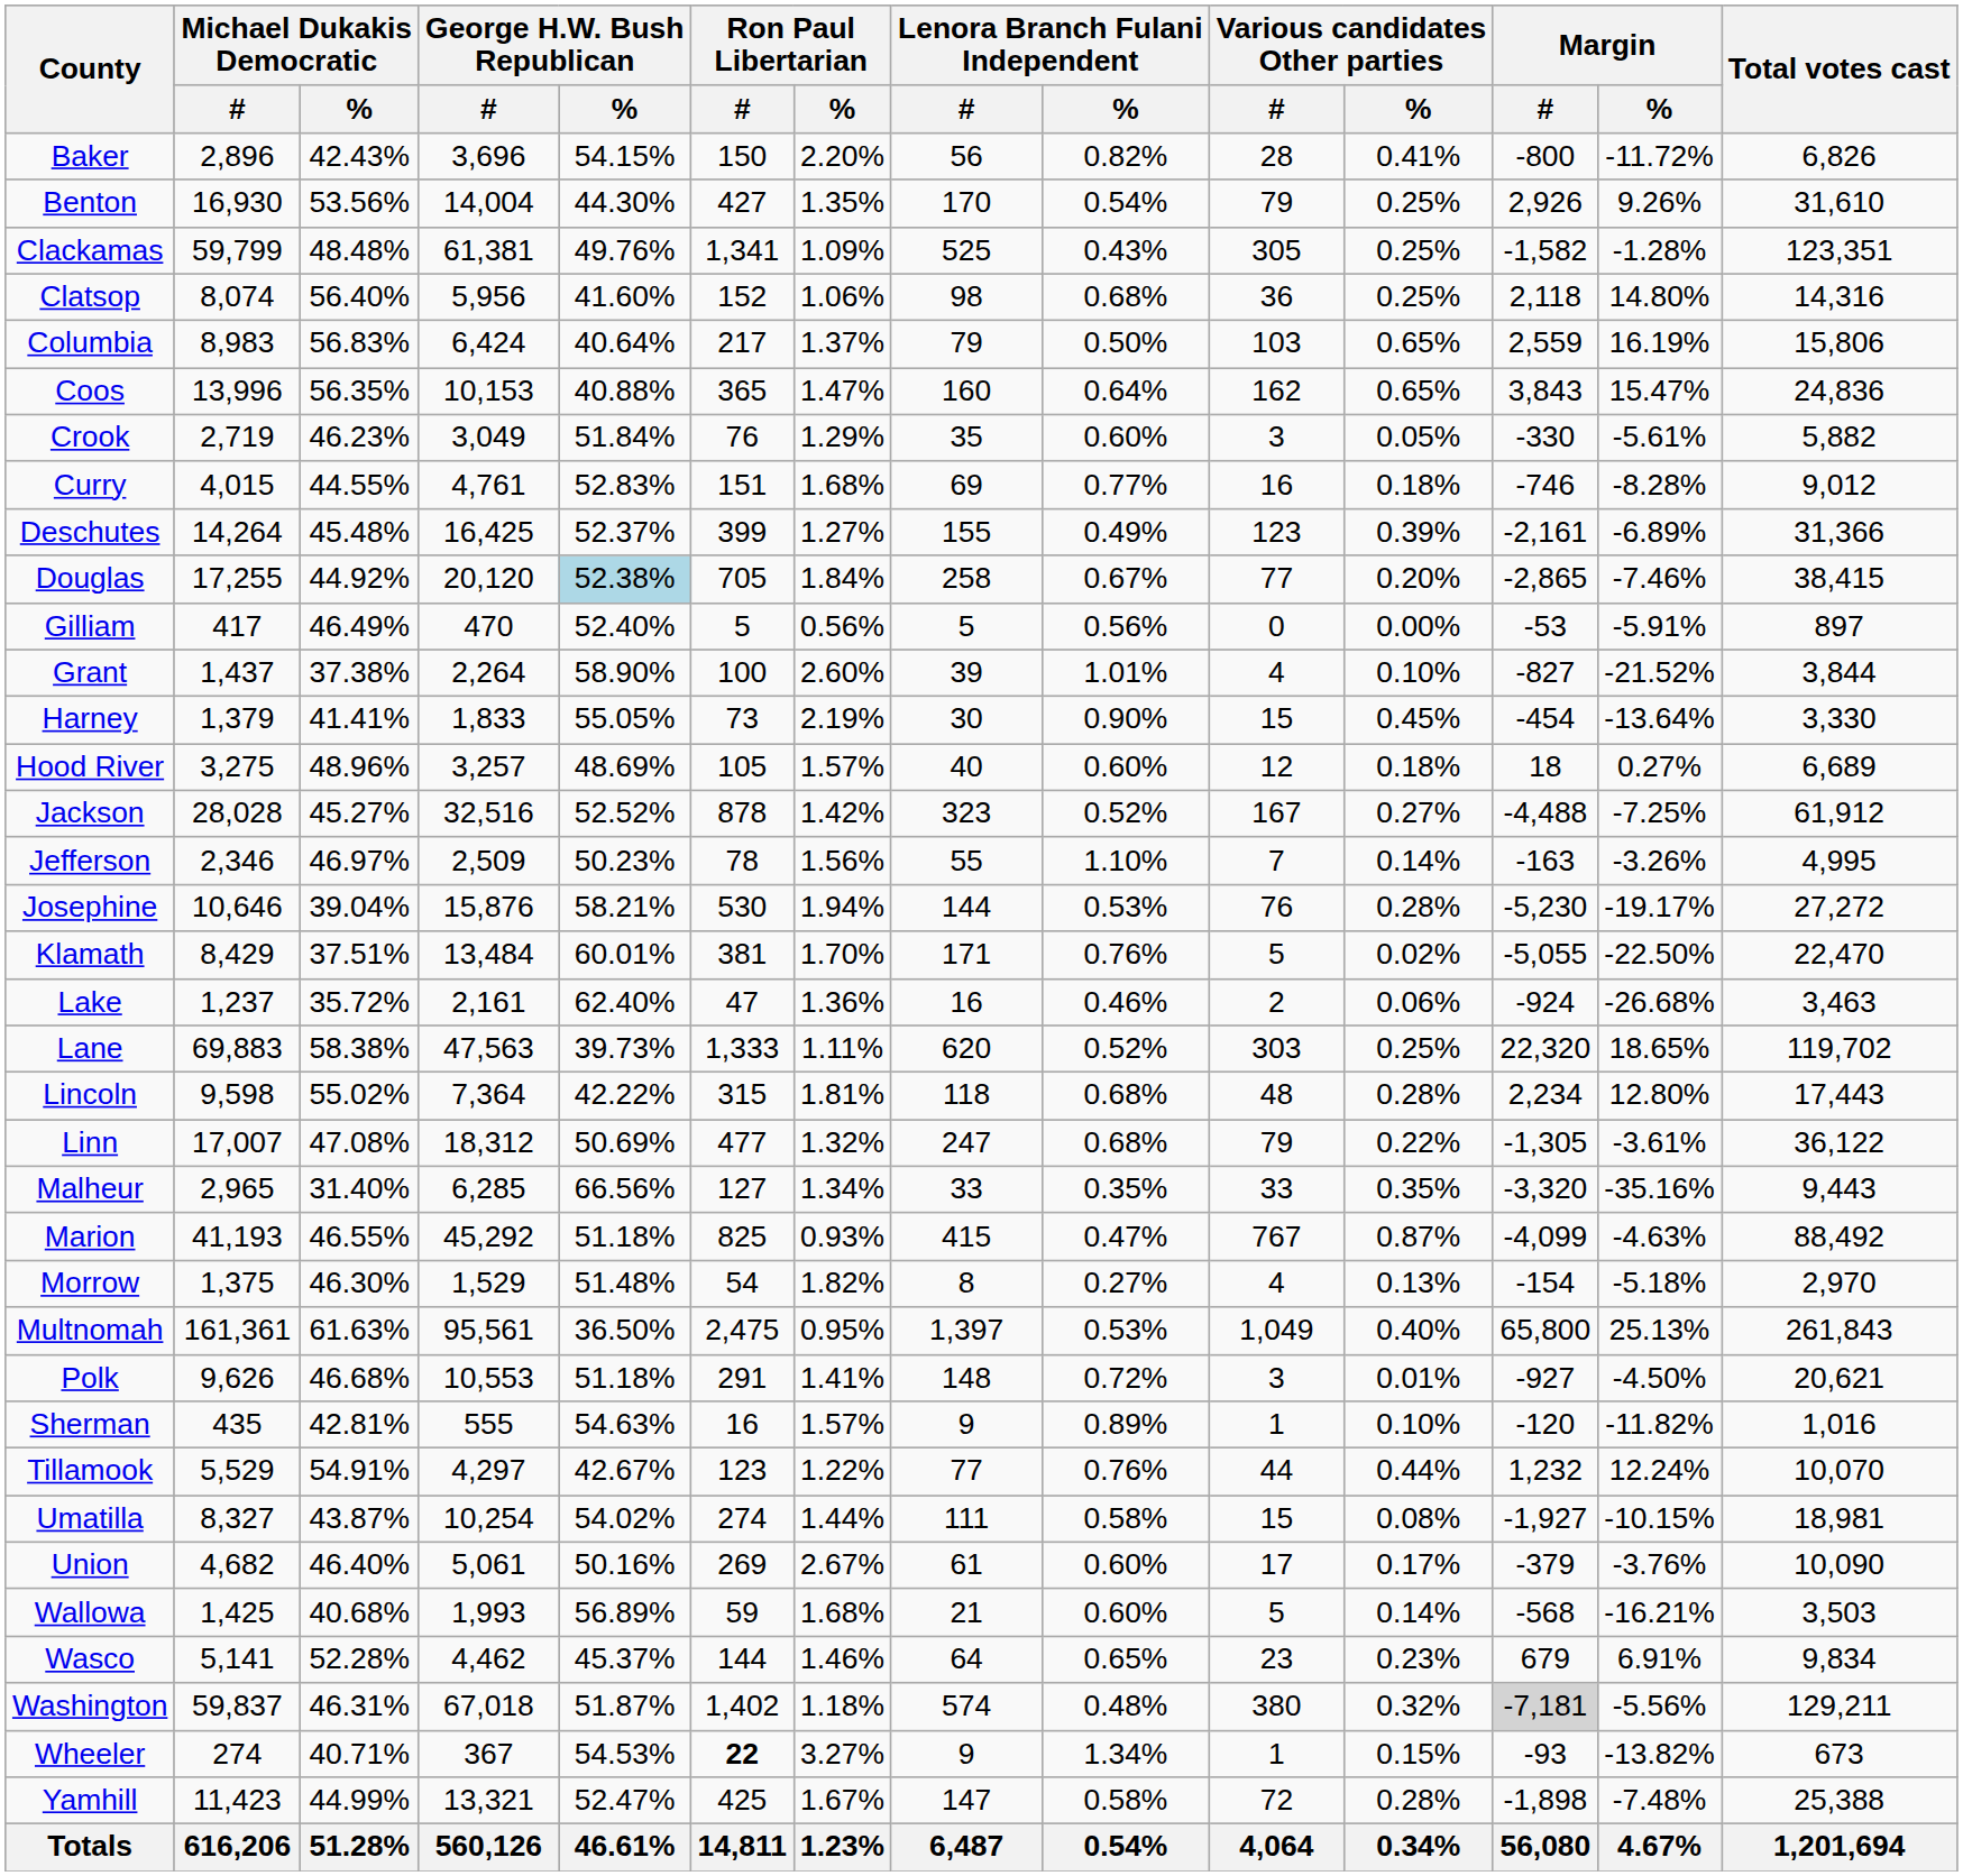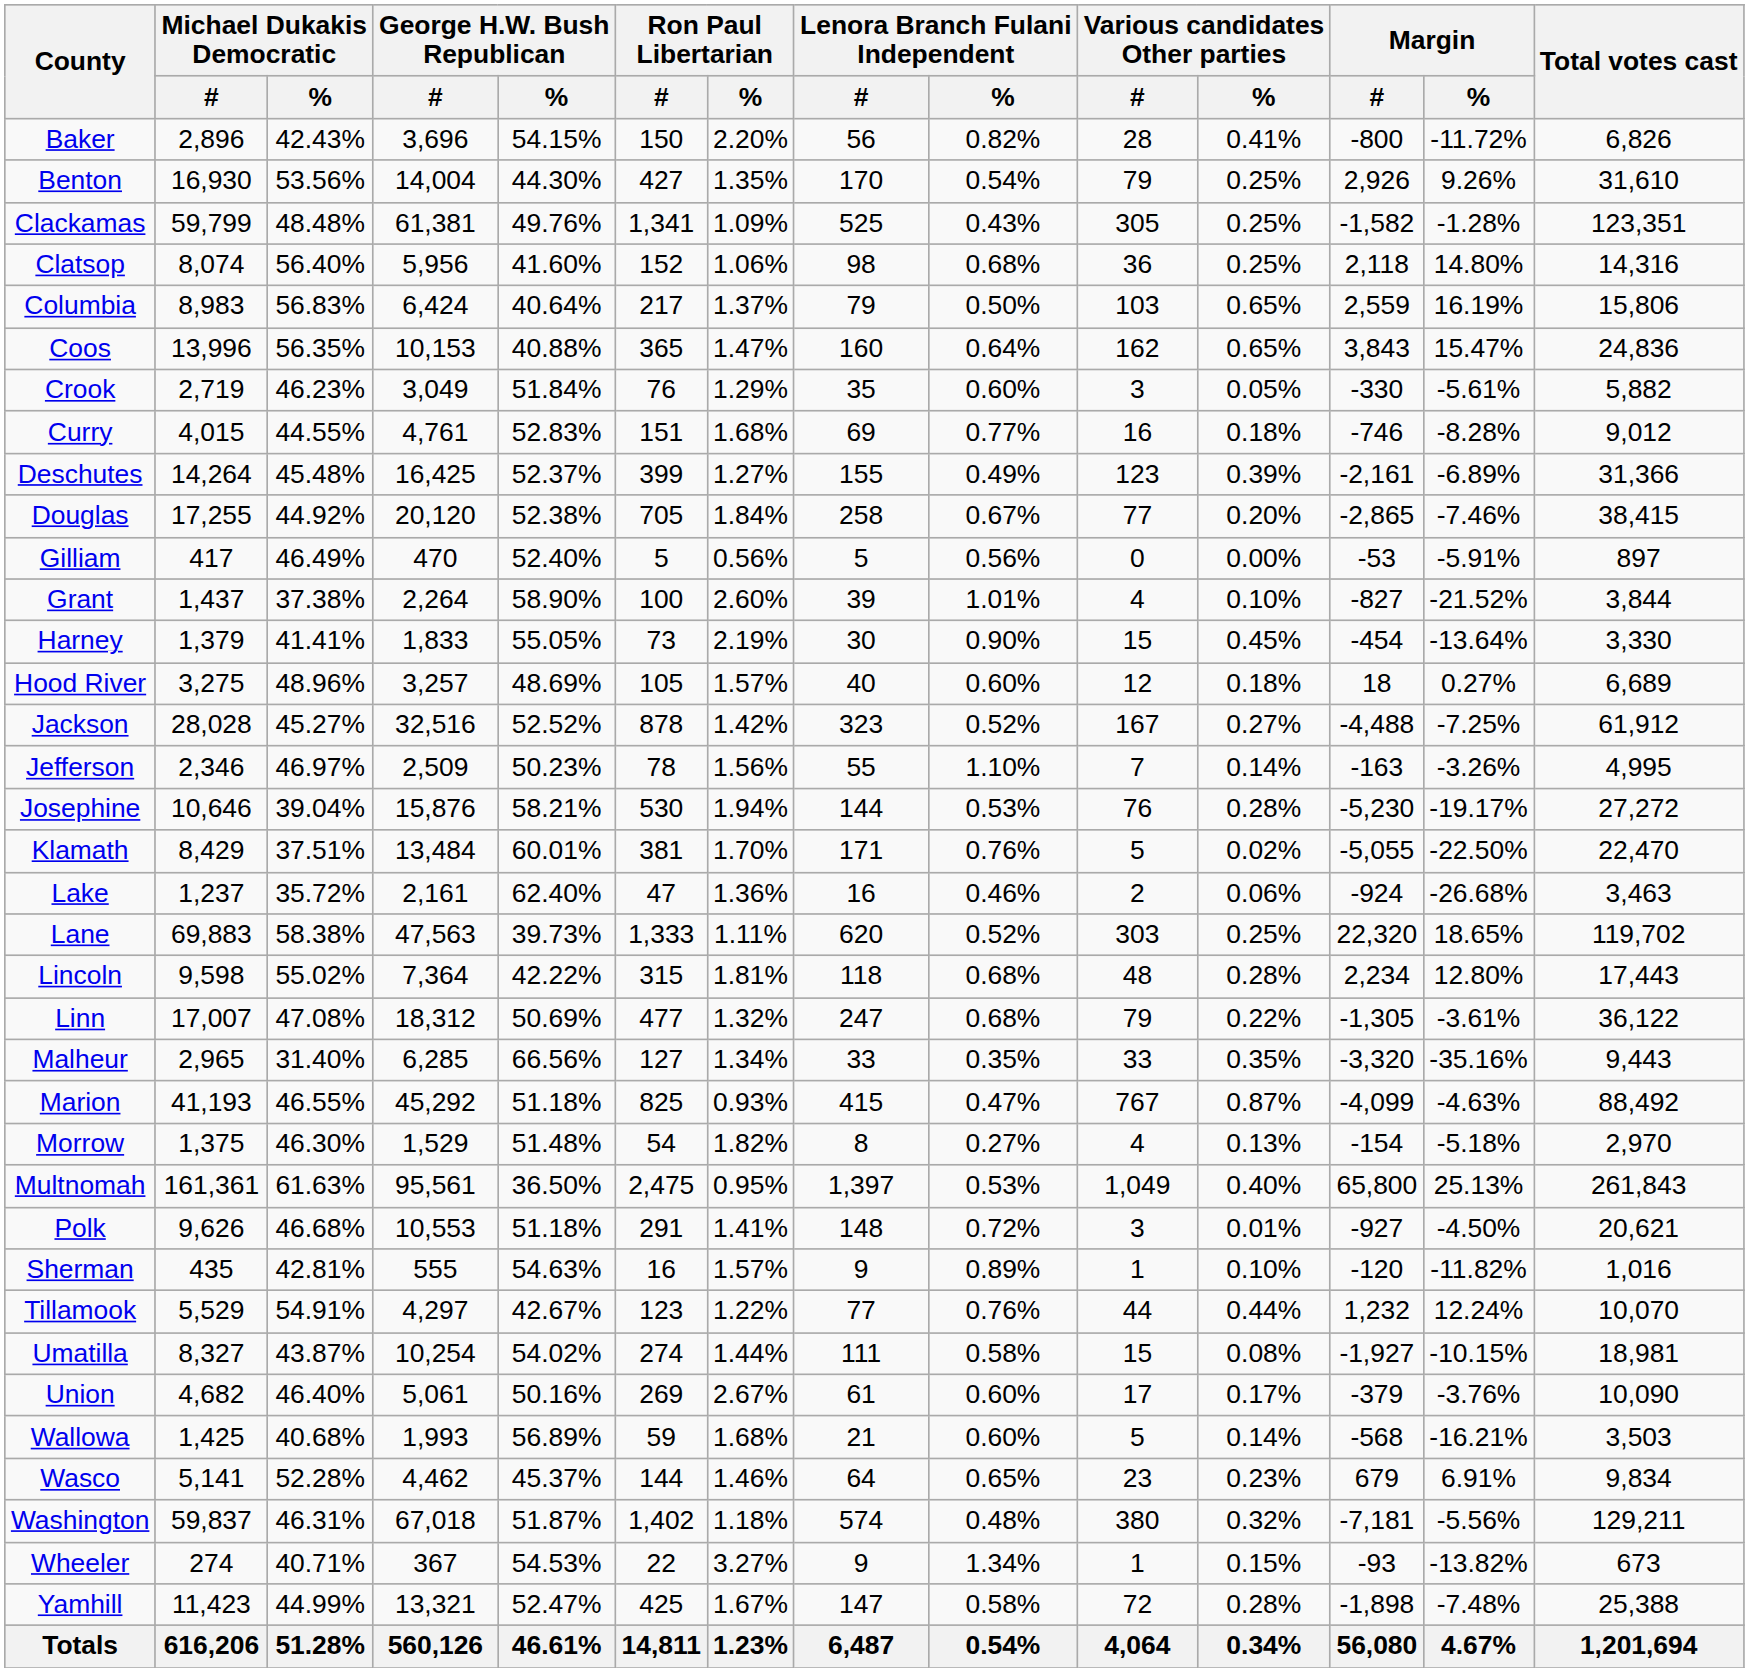 <table class="wikitable sortable" style="text-align:center">
 <tr>
 <th style="text-align:center;" rowspan="2">County</th>
 <th style="text-align:center;" colspan="2">Michael Dukakis<br>Democratic</th>
 <th style="text-align:center;" colspan="2">George H.W. Bush<br>Republican</th>
 <th style="text-align:center;" colspan="2">Ron Paul<br>Libertarian</th>
 <th style="text-align:center;" colspan="2">Lenora Branch Fulani<br>Independent</th>
 <th style="text-align:center;" colspan="2">Various candidates<br>Other parties</th>
 <th style="text-align:center;" colspan="2">Margin</th>
 <th style="text-align:center;" rowspan="2">Total votes cast</th>
 </tr>
 <tr>
 <th style="text-align:center;" data-sort-type="number">#</th>
 <th style="text-align:center;" data-sort-type="number">%</th>
 <th style="text-align:center;" data-sort-type="number">#</th>
 <th style="text-align:center;" data-sort-type="number">%</th>
 <th style="text-align:center;" data-sort-type="number">#</th>
 <th style="text-align:center;" data-sort-type="number">%</th>
 <th style="text-align:center;" data-sort-type="number">#</th>
 <th style="text-align:center;" data-sort-type="number">%</th>
 <th style="text-align:center;" data-sort-type="number">#</th>
 <th style="text-align:center;" data-sort-type="number">%</th>
 <th style="text-align:center;" data-sort-type="number">#</th>
 <th style="text-align:center;" data-sort-type="number">%</th>
 </tr>
 <tr style="text-align:center;">
 <td><a href='#'>Baker</a></td>
 <td>2,896</td>
 <td>42.43%</td>
 <td>3,696</td>
 <td>54.15%</td>
 <td>150</td>
 <td>2.20%</td>
 <td>56</td>
 <td>0.82%</td>
 <td>28</td>
 <td>0.41%</td>
 <td>-800</td>
 <td>-11.72%</td>
 <td>6,826</td>
 </tr>
 <tr style="text-align:center;">
 <td><a href='#'>Benton</a></td>
 <td>16,930</td>
 <td>53.56%</td>
 <td>14,004</td>
 <td>44.30%</td>
 <td>427</td>
 <td>1.35%</td>
 <td>170</td>
 <td>0.54%</td>
 <td>79</td>
 <td>0.25%</td>
 <td>2,926</td>
 <td>9.26%</td>
 <td>31,610</td>
 </tr>
 <tr style="text-align:center;">
 <td><a href='#'>Clackamas</a></td>
 <td>59,799</td>
 <td>48.48%</td>
 <td>61,381</td>
 <td>49.76%</td>
 <td>1,341</td>
 <td>1.09%</td>
 <td>525</td>
 <td>0.43%</td>
 <td>305</td>
 <td>0.25%</td>
 <td>-1,582</td>
 <td>-1.28%</td>
 <td>123,351</td>
 </tr>
 <tr style="text-align:center;">
 <td><a href='#'>Clatsop</a></td>
 <td>8,074</td>
 <td>56.40%</td>
 <td>5,956</td>
 <td>41.60%</td>
 <td>152</td>
 <td>1.06%</td>
 <td>98</td>
 <td>0.68%</td>
 <td>36</td>
 <td>0.25%</td>
 <td>2,118</td>
 <td>14.80%</td>
 <td>14,316</td>
 </tr>
 <tr style="text-align:center;">
 <td><a href='#'>Columbia</a></td>
 <td>8,983</td>
 <td>56.83%</td>
 <td>6,424</td>
 <td>40.64%</td>
 <td>217</td>
 <td>1.37%</td>
 <td>79</td>
 <td>0.50%</td>
 <td>103</td>
 <td>0.65%</td>
 <td>2,559</td>
 <td>16.19%</td>
 <td>15,806</td>
 </tr>
 <tr style="text-align:center;">
 <td><a href='#'>Coos</a></td>
 <td>13,996</td>
 <td>56.35%</td>
 <td>10,153</td>
 <td>40.88%</td>
 <td>365</td>
 <td>1.47%</td>
 <td>160</td>
 <td>0.64%</td>
 <td>162</td>
 <td>0.65%</td>
 <td>3,843</td>
 <td>15.47%</td>
 <td>24,836</td>
 </tr>
 <tr style="text-align:center;">
 <td><a href='#'>Crook</a></td>
 <td>2,719</td>
 <td>46.23%</td>
 <td>3,049</td>
 <td>51.84%</td>
 <td>76</td>
 <td>1.29%</td>
 <td>35</td>
 <td>0.60%</td>
 <td>3</td>
 <td>0.05%</td>
 <td>-330</td>
 <td>-5.61%</td>
 <td>5,882</td>
 </tr>
 <tr style="text-align:center;">
 <td><a href='#'>Curry</a></td>
 <td>4,015</td>
 <td>44.55%</td>
 <td>4,761</td>
 <td>52.83%</td>
 <td>151</td>
 <td>1.68%</td>
 <td>69</td>
 <td>0.77%</td>
 <td>16</td>
 <td>0.18%</td>
 <td>-746</td>
 <td>-8.28%</td>
 <td>9,012</td>
 </tr>
 <tr style="text-align:center;">
 <td><a href='#'>Deschutes</a></td>
 <td>14,264</td>
 <td>45.48%</td>
 <td>16,425</td>
 <td>52.37%</td>
 <td>399</td>
 <td>1.27%</td>
 <td>155</td>
 <td>0.49%</td>
 <td>123</td>
 <td>0.39%</td>
 <td>-2,161</td>
 <td>-6.89%</td>
 <td>31,366</td>
 </tr>
 <tr style="text-align:center;">
 <td><a href='#'>Douglas</a></td>
 <td>17,255</td>
 <td>44.92%</td>
 <td>20,120</td>
-<td style="background: lightblue;">52.38%</td>
+<td>52.38%</td>
 <td>705</td>
 <td>1.84%</td>
 <td>258</td>
 <td>0.67%</td>
 <td>77</td>
 <td>0.20%</td>
 <td>-2,865</td>
 <td>-7.46%</td>
 <td>38,415</td>
 </tr>
 <tr style="text-align:center;">
 <td><a href='#'>Gilliam</a></td>
 <td>417</td>
 <td>46.49%</td>
 <td>470</td>
 <td>52.40%</td>
 <td>5</td>
 <td>0.56%</td>
 <td>5</td>
 <td>0.56%</td>
 <td>0</td>
 <td>0.00%</td>
 <td>-53</td>
 <td>-5.91%</td>
 <td>897</td>
 </tr>
 <tr style="text-align:center;">
 <td><a href='#'>Grant</a></td>
 <td>1,437</td>
 <td>37.38%</td>
 <td>2,264</td>
 <td>58.90%</td>
 <td>100</td>
 <td>2.60%</td>
 <td>39</td>
 <td>1.01%</td>
 <td>4</td>
 <td>0.10%</td>
 <td>-827</td>
 <td>-21.52%</td>
 <td>3,844</td>
 </tr>
 <tr style="text-align:center;">
 <td><a href='#'>Harney</a></td>
 <td>1,379</td>
 <td>41.41%</td>
 <td>1,833</td>
 <td>55.05%</td>
 <td>73</td>
 <td>2.19%</td>
 <td>30</td>
 <td>0.90%</td>
 <td>15</td>
 <td>0.45%</td>
 <td>-454</td>
 <td>-13.64%</td>
 <td>3,330</td>
 </tr>
 <tr style="text-align:center;">
 <td><a href='#'>Hood River</a></td>
 <td>3,275</td>
 <td>48.96%</td>
 <td>3,257</td>
 <td>48.69%</td>
 <td>105</td>
 <td>1.57%</td>
 <td>40</td>
 <td>0.60%</td>
 <td>12</td>
 <td>0.18%</td>
 <td>18</td>
 <td>0.27%</td>
 <td>6,689</td>
 </tr>
 <tr style="text-align:center;">
 <td><a href='#'>Jackson</a></td>
 <td>28,028</td>
 <td>45.27%</td>
 <td>32,516</td>
 <td>52.52%</td>
 <td>878</td>
 <td>1.42%</td>
 <td>323</td>
 <td>0.52%</td>
 <td>167</td>
 <td>0.27%</td>
 <td>-4,488</td>
 <td>-7.25%</td>
 <td>61,912</td>
 </tr>
 <tr style="text-align:center;">
 <td><a href='#'>Jefferson</a></td>
 <td>2,346</td>
 <td>46.97%</td>
 <td>2,509</td>
 <td>50.23%</td>
 <td>78</td>
 <td>1.56%</td>
 <td>55</td>
 <td>1.10%</td>
 <td>7</td>
 <td>0.14%</td>
 <td>-163</td>
 <td>-3.26%</td>
 <td>4,995</td>
 </tr>
 <tr style="text-align:center;">
 <td><a href='#'>Josephine</a></td>
 <td>10,646</td>
 <td>39.04%</td>
 <td>15,876</td>
 <td>58.21%</td>
 <td>530</td>
 <td>1.94%</td>
 <td>144</td>
 <td>0.53%</td>
 <td>76</td>
 <td>0.28%</td>
 <td>-5,230</td>
 <td>-19.17%</td>
 <td>27,272</td>
 </tr>
 <tr style="text-align:center;">
 <td><a href='#'>Klamath</a></td>
 <td>8,429</td>
 <td>37.51%</td>
 <td>13,484</td>
 <td>60.01%</td>
 <td>381</td>
 <td>1.70%</td>
 <td>171</td>
 <td>0.76%</td>
 <td>5</td>
 <td>0.02%</td>
 <td>-5,055</td>
 <td>-22.50%</td>
 <td>22,470</td>
 </tr>
 <tr style="text-align:center;">
 <td><a href='#'>Lake</a></td>
 <td>1,237</td>
 <td>35.72%</td>
 <td>2,161</td>
 <td>62.40%</td>
 <td>47</td>
 <td>1.36%</td>
 <td>16</td>
 <td>0.46%</td>
 <td>2</td>
 <td>0.06%</td>
 <td>-924</td>
 <td>-26.68%</td>
 <td>3,463</td>
 </tr>
 <tr style="text-align:center;">
 <td><a href='#'>Lane</a></td>
 <td>69,883</td>
 <td>58.38%</td>
 <td>47,563</td>
 <td>39.73%</td>
 <td>1,333</td>
 <td>1.11%</td>
 <td>620</td>
 <td>0.52%</td>
 <td>303</td>
 <td>0.25%</td>
 <td>22,320</td>
 <td>18.65%</td>
 <td>119,702</td>
 </tr>
 <tr style="text-align:center;">
 <td><a href='#'>Lincoln</a></td>
 <td>9,598</td>
 <td>55.02%</td>
 <td>7,364</td>
 <td>42.22%</td>
 <td>315</td>
 <td>1.81%</td>
 <td>118</td>
 <td>0.68%</td>
 <td>48</td>
 <td>0.28%</td>
 <td>2,234</td>
 <td>12.80%</td>
 <td>17,443</td>
 </tr>
 <tr style="text-align:center;">
 <td><a href='#'>Linn</a></td>
 <td>17,007</td>
 <td>47.08%</td>
 <td>18,312</td>
 <td>50.69%</td>
 <td>477</td>
 <td>1.32%</td>
 <td>247</td>
 <td>0.68%</td>
 <td>79</td>
 <td>0.22%</td>
 <td>-1,305</td>
 <td>-3.61%</td>
 <td>36,122</td>
 </tr>
 <tr style="text-align:center;">
 <td><a href='#'>Malheur</a></td>
 <td>2,965</td>
 <td>31.40%</td>
 <td>6,285</td>
 <td>66.56%</td>
 <td>127</td>
 <td>1.34%</td>
 <td>33</td>
 <td>0.35%</td>
 <td>33</td>
 <td>0.35%</td>
 <td>-3,320</td>
 <td>-35.16%</td>
 <td>9,443</td>
 </tr>
 <tr style="text-align:center;">
 <td><a href='#'>Marion</a></td>
 <td>41,193</td>
 <td>46.55%</td>
 <td>45,292</td>
 <td>51.18%</td>
 <td>825</td>
 <td>0.93%</td>
 <td>415</td>
 <td>0.47%</td>
 <td>767</td>
 <td>0.87%</td>
 <td>-4,099</td>
 <td>-4.63%</td>
 <td>88,492</td>
 </tr>
 <tr style="text-align:center;">
 <td><a href='#'>Morrow</a></td>
 <td>1,375</td>
 <td>46.30%</td>
 <td>1,529</td>
 <td>51.48%</td>
 <td>54</td>
 <td>1.82%</td>
 <td>8</td>
 <td>0.27%</td>
 <td>4</td>
 <td>0.13%</td>
 <td>-154</td>
 <td>-5.18%</td>
 <td>2,970</td>
 </tr>
 <tr style="text-align:center;">
 <td><a href='#'>Multnomah</a></td>
 <td>161,361</td>
 <td>61.63%</td>
 <td>95,561</td>
 <td>36.50%</td>
 <td>2,475</td>
 <td>0.95%</td>
 <td>1,397</td>
 <td>0.53%</td>
 <td>1,049</td>
 <td>0.40%</td>
 <td>65,800</td>
 <td>25.13%</td>
 <td>261,843</td>
 </tr>
 <tr style="text-align:center;">
 <td><a href='#'>Polk</a></td>
 <td>9,626</td>
 <td>46.68%</td>
 <td>10,553</td>
 <td>51.18%</td>
 <td>291</td>
 <td>1.41%</td>
 <td>148</td>
 <td>0.72%</td>
 <td>3</td>
 <td>0.01%</td>
 <td>-927</td>
 <td>-4.50%</td>
 <td>20,621</td>
 </tr>
 <tr style="text-align:center;">
 <td><a href='#'>Sherman</a></td>
 <td>435</td>
 <td>42.81%</td>
 <td>555</td>
 <td>54.63%</td>
 <td>16</td>
 <td>1.57%</td>
 <td>9</td>
 <td>0.89%</td>
 <td>1</td>
 <td>0.10%</td>
 <td>-120</td>
 <td>-11.82%</td>
 <td>1,016</td>
 </tr>
 <tr style="text-align:center;">
 <td><a href='#'>Tillamook</a></td>
 <td>5,529</td>
 <td>54.91%</td>
 <td>4,297</td>
 <td>42.67%</td>
 <td>123</td>
 <td>1.22%</td>
 <td>77</td>
 <td>0.76%</td>
 <td>44</td>
 <td>0.44%</td>
 <td>1,232</td>
 <td>12.24%</td>
 <td>10,070</td>
 </tr>
 <tr style="text-align:center;">
 <td><a href='#'>Umatilla</a></td>
 <td>8,327</td>
 <td>43.87%</td>
 <td>10,254</td>
 <td>54.02%</td>
 <td>274</td>
 <td>1.44%</td>
 <td>111</td>
 <td>0.58%</td>
 <td>15</td>
 <td>0.08%</td>
 <td>-1,927</td>
 <td>-10.15%</td>
 <td>18,981</td>
 </tr>
 <tr style="text-align:center;">
 <td><a href='#'>Union</a></td>
 <td>4,682</td>
 <td>46.40%</td>
 <td>5,061</td>
 <td>50.16%</td>
 <td>269</td>
 <td>2.67%</td>
 <td>61</td>
 <td>0.60%</td>
 <td>17</td>
 <td>0.17%</td>
 <td>-379</td>
 <td>-3.76%</td>
 <td>10,090</td>
 </tr>
 <tr style="text-align:center;">
 <td><a href='#'>Wallowa</a></td>
 <td>1,425</td>
 <td>40.68%</td>
 <td>1,993</td>
 <td>56.89%</td>
 <td>59</td>
 <td>1.68%</td>
 <td>21</td>
 <td>0.60%</td>
 <td>5</td>
 <td>0.14%</td>
 <td>-568</td>
 <td>-16.21%</td>
 <td>3,503</td>
 </tr>
 <tr style="text-align:center;">
 <td><a href='#'>Wasco</a></td>
 <td>5,141</td>
 <td>52.28%</td>
 <td>4,462</td>
 <td>45.37%</td>
 <td>144</td>
 <td>1.46%</td>
 <td>64</td>
 <td>0.65%</td>
 <td>23</td>
 <td>0.23%</td>
 <td>679</td>
 <td>6.91%</td>
 <td>9,834</td>
 </tr>
 <tr style="text-align:center;">
 <td><a href='#'>Washington</a></td>
 <td>59,837</td>
 <td>46.31%</td>
 <td>67,018</td>
 <td>51.87%</td>
 <td>1,402</td>
 <td>1.18%</td>
 <td>574</td>
 <td>0.48%</td>
 <td>380</td>
 <td>0.32%</td>
-<td style="background: lightgrey;">-7,181</td>
+<td>-7,181</td>
 <td>-5.56%</td>
 <td>129,211</td>
 </tr>
 <tr style="text-align:center;">
 <td><a href='#'>Wheeler</a></td>
 <td>274</td>
 <td>40.71%</td>
 <td>367</td>
 <td>54.53%</td>
-<td><strong>22</strong></td>
+<td>22</td>
 <td>3.27%</td>
 <td>9</td>
 <td>1.34%</td>
 <td>1</td>
 <td>0.15%</td>
 <td>-93</td>
 <td>-13.82%</td>
 <td>673</td>
 </tr>
 <tr style="text-align:center;">
 <td><a href='#'>Yamhill</a></td>
 <td>11,423</td>
 <td>44.99%</td>
 <td>13,321</td>
 <td>52.47%</td>
 <td>425</td>
 <td>1.67%</td>
 <td>147</td>
 <td>0.58%</td>
 <td>72</td>
 <td>0.28%</td>
 <td>-1,898</td>
 <td>-7.48%</td>
 <td>25,388</td>
 </tr>
 <tr style="text-align:center;">
 <th>Totals</th>
 <th>616,206</th>
 <th>51.28%</th>
 <th>560,126</th>
 <th>46.61%</th>
 <th>14,811</th>
 <th>1.23%</th>
 <th>6,487</th>
 <th>0.54%</th>
 <th>4,064</th>
 <th>0.34%</th>
 <th>56,080</th>
 <th>4.67%</th>
 <th>1,201,694</th>
 </tr>
 </table>
